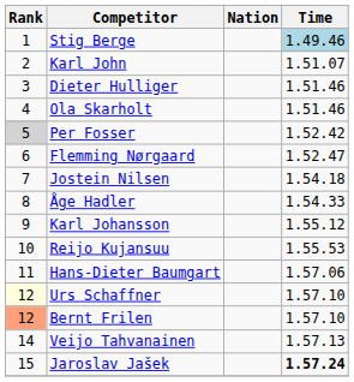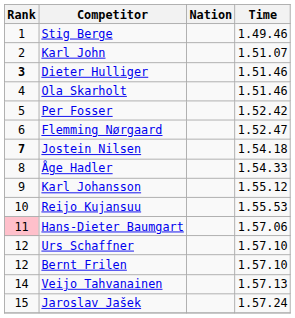 <table class="wikitable sortable" style="text-align:left">
 <tr>
 <th data-sort-type="number">Rank</th>
 <th class="unsortable">Competitor</th>
 <th>Nation</th>
 <th>Time</th>
 </tr>
 <tr>
 <td style="text-align:center">1</td>
 <td><a href='#'>Stig Berge</a></td>
 <td></td>
-<td style="background: lightblue; text-align:right">1.49.46</td>
+<td style="text-align:right">1.49.46</td>
 </tr>
 <tr>
 <td style="text-align:center">2</td>
 <td><a href='#'>Karl John</a></td>
 <td></td>
 <td style="text-align:right">1.51.07</td>
 </tr>
 <tr>
-<td style="text-align:center">3</td>
+<td style="text-align:center"><strong>3</strong></td>
 <td><a href='#'>Dieter Hulliger</a></td>
 <td></td>
 <td style="text-align:right">1.51.46</td>
 </tr>
 <tr>
 <td style="text-align:center">4</td>
 <td><a href='#'>Ola Skarholt</a></td>
 <td></td>
 <td style="text-align:right">1.51.46</td>
 </tr>
 <tr>
-<td style="background: lightgrey; text-align:center">5</td>
+<td style="text-align:center">5</td>
 <td><a href='#'>Per Fosser</a></td>
 <td></td>
 <td style="text-align:right">1.52.42</td>
 </tr>
 <tr>
 <td style="text-align:center">6</td>
 <td><a href='#'>Flemming Nørgaard</a></td>
 <td></td>
 <td style="text-align:right">1.52.47</td>
 </tr>
 <tr>
-<td style="text-align:center">7</td>
+<td style="text-align:center"><strong>7</strong></td>
 <td><a href='#'>Jostein Nilsen</a></td>
 <td></td>
 <td style="text-align:right">1.54.18</td>
 </tr>
 <tr>
 <td style="text-align:center">8</td>
 <td><a href='#'>Åge Hadler</a></td>
 <td></td>
 <td style="text-align:right">1.54.33</td>
 </tr>
 <tr>
 <td style="text-align:center">9</td>
 <td><a href='#'>Karl Johansson</a></td>
 <td></td>
 <td style="text-align:right">1.55.12</td>
 </tr>
 <tr>
 <td style="text-align:center">10</td>
 <td><a href='#'>Reijo Kujansuu</a></td>
 <td></td>
 <td style="text-align:right">1.55.53</td>
 </tr>
 <tr>
-<td style="text-align:center">11</td>
+<td style="background: pink; text-align:center">11</td>
 <td><a href='#'>Hans-Dieter Baumgart</a></td>
 <td></td>
 <td style="text-align:right">1.57.06</td>
 </tr>
 <tr>
-<td style="background: lightyellow; text-align:center">12</td>
+<td style="text-align:center">12</td>
 <td><a href='#'>Urs Schaffner</a></td>
 <td></td>
 <td style="text-align:right">1.57.10</td>
 </tr>
 <tr>
-<td style="background: lightsalmon; text-align:center">12</td>
+<td style="text-align:center">12</td>
 <td><a href='#'>Bernt Frilen</a></td>
 <td></td>
 <td style="text-align:right">1.57.10</td>
 </tr>
 <tr>
 <td style="text-align:center">14</td>
 <td><a href='#'>Veijo Tahvanainen</a></td>
 <td></td>
 <td style="text-align:right">1.57.13</td>
 </tr>
 <tr>
 <td style="text-align:center">15</td>
 <td><a href='#'>Jaroslav Jašek</a></td>
 <td></td>
-<td style="text-align:right"><strong>1.57.24</strong></td>
+<td style="text-align:right">1.57.24</td>
 </tr>
 <tr>
 </tr>
 </table>
